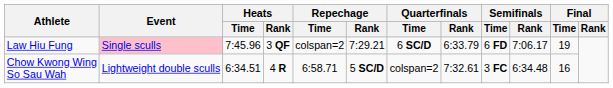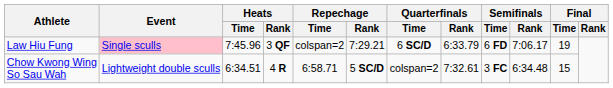 <table class="wikitable" style="font-size:90%">
 <tr>
 <th rowspan="2">Athlete</th>
 <th rowspan="2">Event</th>
 <th colspan="2">Heats</th>
 <th colspan="2">Repechage</th>
 <th colspan="2">Quarterfinals</th>
 <th colspan="2">Semifinals</th>
 <th colspan="2">Final</th>
 </tr>
 <tr style="font-size:95%">
 <th>Time</th>
 <th>Rank</th>
 <th>Time</th>
 <th>Rank</th>
 <th>Time</th>
 <th>Rank</th>
 <th>Time</th>
 <th>Rank</th>
 <th>Time</th>
 <th>Rank</th>
 </tr>
 <tr align=center>
 <td align=left><a href='#'>Law Hiu Fung</a></td>
 <td align=left style="background: pink;"><a href='#'>Single sculls</a></td>
 <td>7:45.96</td>
 <td>3 <strong>QF</strong></td>
 <td>colspan=2 </td>
 <td>7:29.21</td>
 <td>6 <strong>SC/D</strong></td>
 <td>6:33.79</td>
 <td>6 <strong>FD</strong></td>
 <td>7:06.17</td>
 <td>19</td>
 </tr>
 <tr align=center>
 <td align=left><a href='#'>Chow Kwong Wing</a> <br><a href='#'>So Sau Wah</a></td>
 <td align=left><a href='#'>Lightweight double sculls</a></td>
 <td>6:34.51</td>
 <td>4 <strong>R</strong></td>
 <td>6:58.71</td>
 <td>5 <strong>SC/D</strong></td>
 <td>colspan=2 </td>
 <td>7:32.61</td>
 <td>3 <strong>FC</strong></td>
 <td>6:34.48</td>
-<td>16</td>
+<td>15</td>
 </tr>
 </table>
